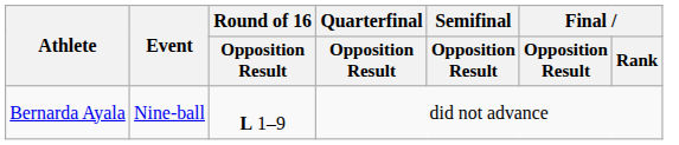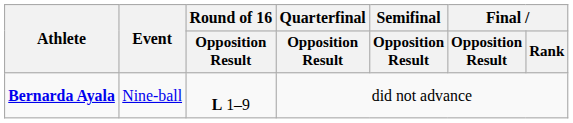 <table class=wikitable style=font-size:90%;text-align:center>
 <tr>
 <th rowspan=2>Athlete</th>
 <th rowspan=2>Event</th>
 <th>Round of 16</th>
 <th>Quarterfinal</th>
 <th>Semifinal</th>
 <th colspan=2>Final / </th>
 </tr>
 <tr style=font-size:95%>
 <th>Opposition<br>Result</th>
 <th>Opposition<br>Result</th>
 <th>Opposition<br>Result</th>
 <th>Opposition<br>Result</th>
 <th>Rank</th>
 </tr>
 <tr>
-<td align=left><a href='#'>Bernarda Ayala</a></td>
+<td align=left><strong><a href='#'>Bernarda Ayala</a></strong></td>
 <td align=left rowspan=2><a href='#'>Nine-ball</a></td>
 <td><br><strong>L</strong> 1–9</td>
 <td colspan=4>did not advance</td>
 </tr>
 </table>
